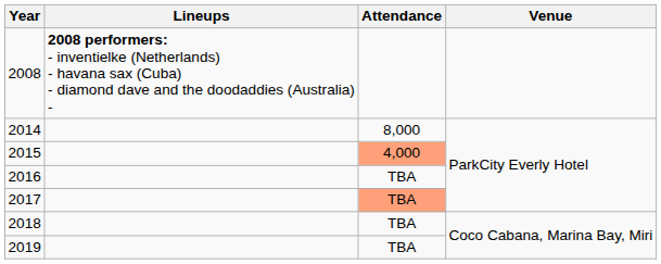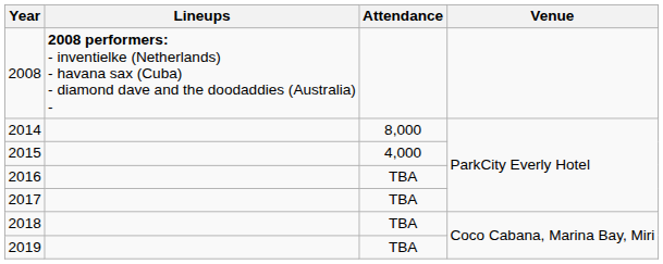 <table class="wikitable">
 <tr>
 <th>Year</th>
 <th>Lineups</th>
 <th>Attendance</th>
 <th>Venue</th>
 </tr>
 <tr>
 <td>2008</td>
 <td><strong>2008 performers:</strong><br>- inventielke (Netherlands)<br>- havana sax (Cuba)<br>- diamond dave and the doodaddies (Australia)<br>-</td>
 <td></td>
 <td></td>
 </tr>
 <tr>
 <td>2014</td>
 <td><br></td>
 <td align="center">8,000</td>
 <td rowspan="4">ParkCity Everly Hotel</td>
 </tr>
 <tr>
 <td>2015</td>
 <td><br></td>
-<td align="center" style="background: lightsalmon;">4,000</td>
+<td align="center">4,000</td>
 </tr>
 <tr>
 <td>2016</td>
 <td><br></td>
 <td align=center>TBA</td>
 </tr>
 <tr>
 <td>2017</td>
 <td><br></td>
-<td align=center style="background: lightsalmon;">TBA</td>
+<td align=center>TBA</td>
 </tr>
 <tr>
 <td>2018</td>
 <td><br></td>
 <td align="center">TBA</td>
 <td rowspan="2">Coco Cabana, Marina Bay, Miri</td>
 </tr>
 <tr>
 <td>2019</td>
 <td><br></td>
 <td align="center">TBA</td>
 </tr>
 </table>
